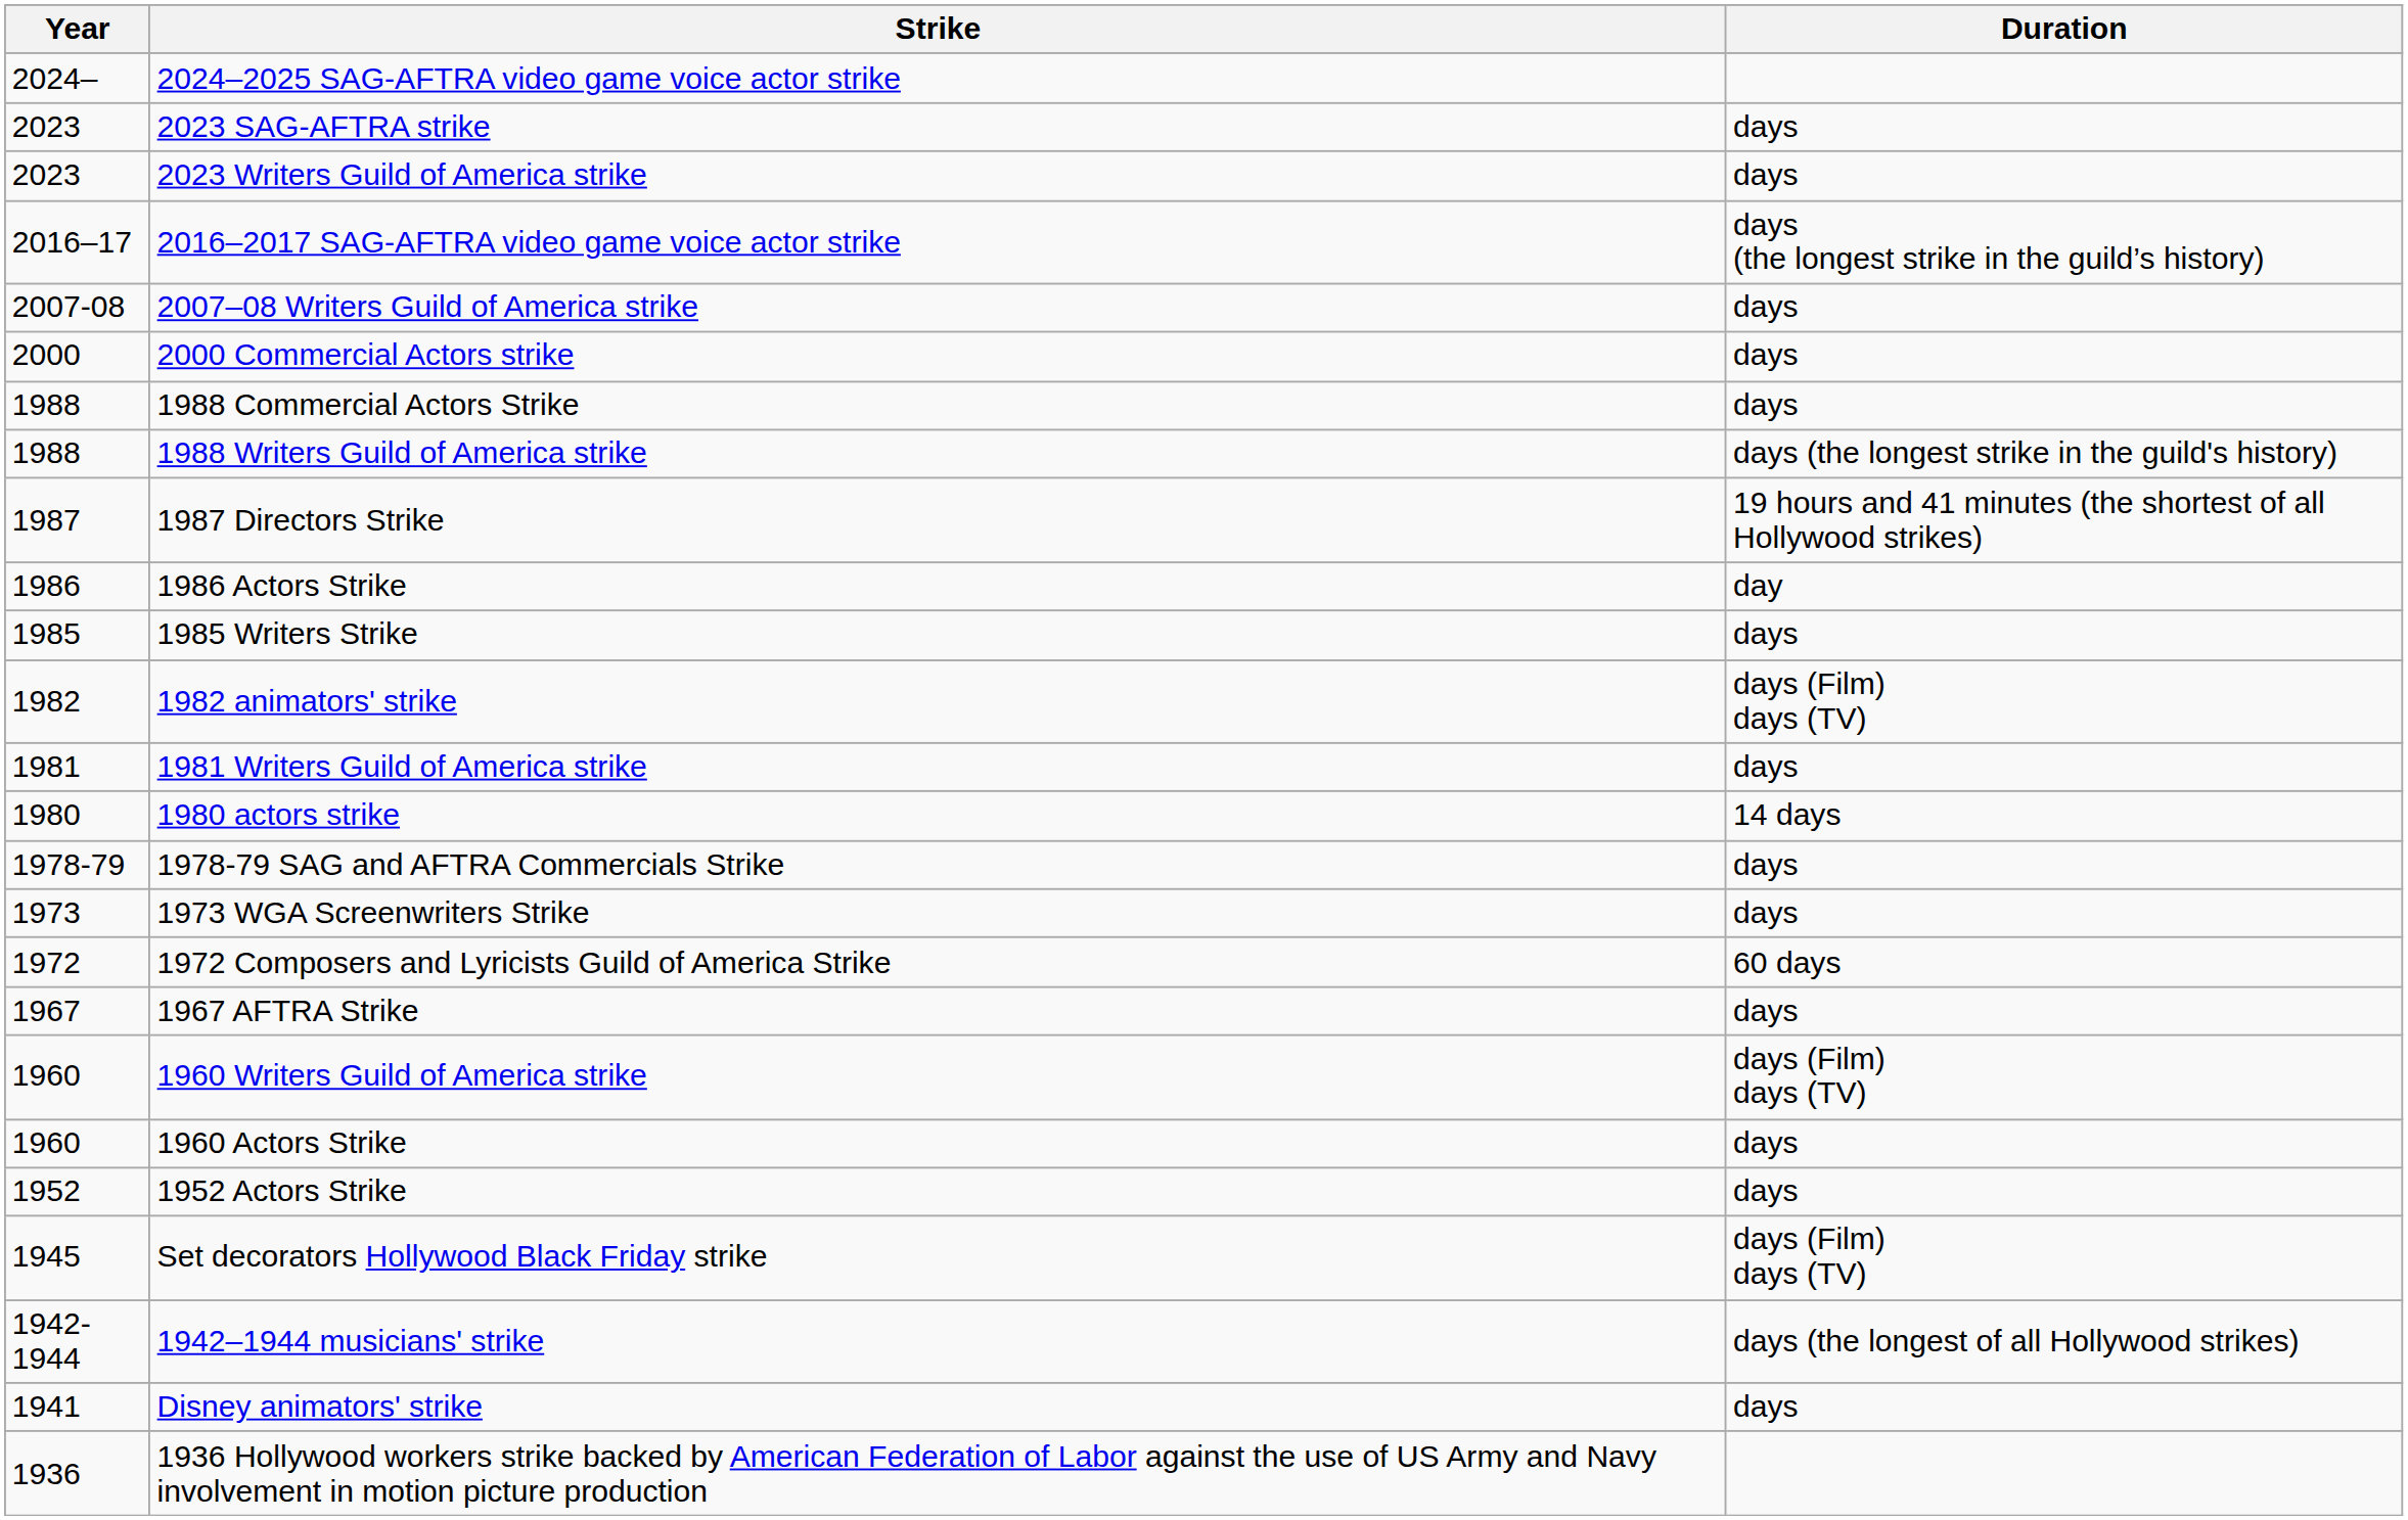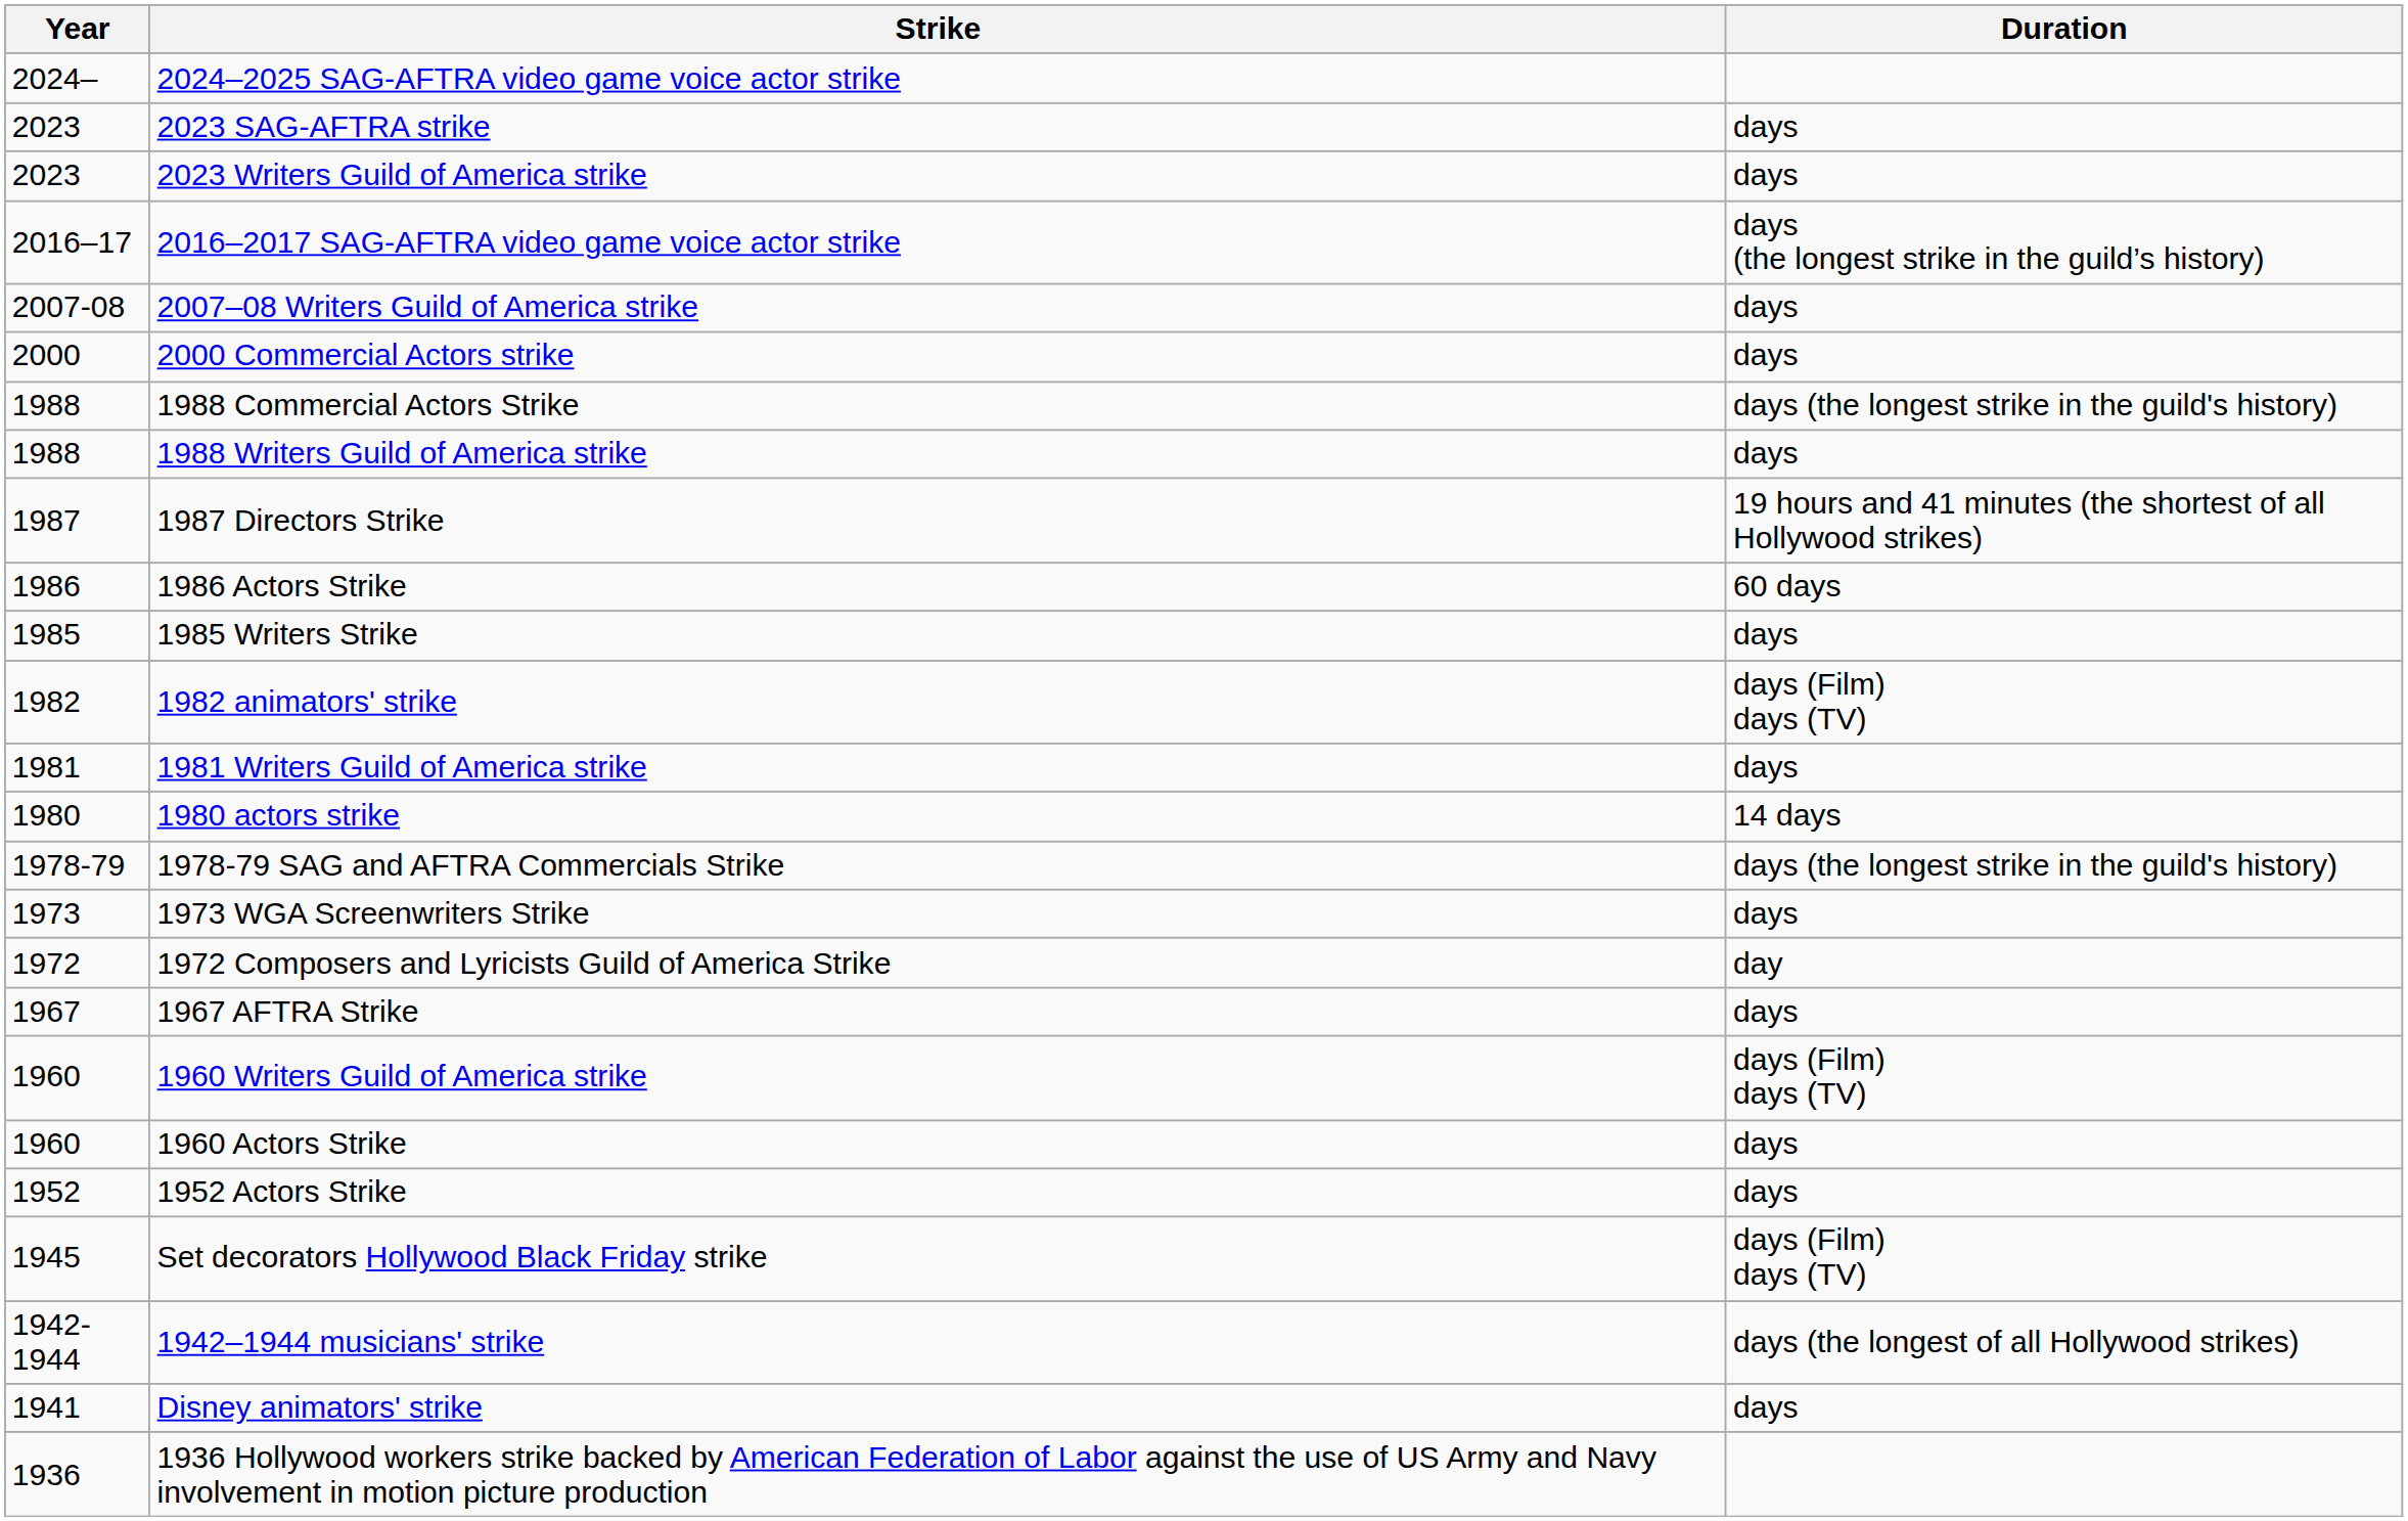 <table class="wikitable sortable">
 <tr>
 <th>Year</th>
 <th>Strike</th>
 <th>Duration</th>
 </tr>
 <tr>
 <td>2024–</td>
 <td><a href='#'>2024–2025 SAG-AFTRA video game voice actor strike</a></td>
 <td></td>
 </tr>
 <tr>
 <td>2023</td>
 <td><a href='#'>2023 SAG-AFTRA strike</a></td>
 <td> days</td>
 </tr>
 <tr>
 <td>2023</td>
 <td><a href='#'>2023 Writers Guild of America strike</a></td>
 <td> days</td>
 </tr>
 <tr>
 <td>2016–17</td>
 <td><a href='#'>2016–2017 SAG-AFTRA video game voice actor strike</a></td>
 <td> days<br>(the longest strike in the guild’s history)</td>
 </tr>
 <tr>
 <td>2007-08</td>
 <td><a href='#'>2007–08 Writers Guild of America strike</a></td>
 <td> days</td>
 </tr>
 <tr>
 <td>2000</td>
 <td><a href='#'>2000 Commercial Actors strike</a></td>
 <td> days</td>
 </tr>
 <tr>
 <td>1988</td>
 <td>1988 Commercial Actors Strike</td>
-<td> days</td>
+<td> days (the longest strike in the guild's history)</td>
 </tr>
 <tr>
 <td>1988</td>
 <td><a href='#'>1988 Writers Guild of America strike</a></td>
-<td> days (the longest strike in the guild's history)</td>
+<td> days</td>
 </tr>
 <tr>
 <td>1987</td>
 <td>1987 Directors Strike</td>
 <td>19 hours and 41 minutes (the shortest of all Hollywood strikes)</td>
 </tr>
 <tr>
 <td>1986</td>
 <td>1986 Actors Strike</td>
-<td> day</td>
+<td>60 days</td>
 </tr>
 <tr>
 <td>1985</td>
 <td>1985 Writers Strike</td>
 <td> days</td>
 </tr>
 <tr>
 <td>1982</td>
 <td><a href='#'>1982 animators' strike</a></td>
 <td> days (Film)<br> days (TV) </td>
 </tr>
 <tr>
 <td>1981</td>
 <td><a href='#'>1981 Writers Guild of America strike</a></td>
 <td> days</td>
 </tr>
 <tr>
 <td>1980</td>
 <td><a href='#'>1980 actors strike</a></td>
 <td>14 days</td>
 </tr>
 <tr>
 <td>1978-79</td>
 <td>1978-79 SAG and AFTRA Commercials Strike</td>
-<td> days</td>
+<td> days (the longest strike in the guild's history)</td>
 </tr>
 <tr>
 <td>1973</td>
 <td>1973 WGA Screenwriters Strike</td>
 <td> days</td>
 </tr>
 <tr>
 <td>1972</td>
 <td>1972 Composers and Lyricists Guild of America Strike</td>
-<td>60 days</td>
+<td> day</td>
 </tr>
 <tr>
 <td>1967</td>
 <td>1967 AFTRA Strike</td>
 <td> days</td>
 </tr>
 <tr>
 <td>1960</td>
 <td><a href='#'>1960 Writers Guild of America strike</a></td>
 <td> days (Film)<br> days (TV) </td>
 </tr>
 <tr>
 <td>1960</td>
 <td>1960 Actors Strike</td>
 <td> days</td>
 </tr>
 <tr>
 <td>1952</td>
 <td>1952 Actors Strike</td>
 <td> days</td>
 </tr>
 <tr>
 <td>1945</td>
 <td>Set decorators <a href='#'>Hollywood Black Friday</a> strike</td>
 <td> days (Film)<br> days (TV) </td>
 </tr>
 <tr>
 <td>1942-1944</td>
 <td><a href='#'>1942–1944 musicians' strike</a></td>
 <td> days (the longest of all Hollywood strikes)</td>
 </tr>
 <tr>
 <td>1941</td>
 <td><a href='#'>Disney animators' strike</a></td>
 <td> days</td>
 </tr>
 <tr>
 <td>1936</td>
 <td>1936 Hollywood workers strike backed by <a href='#'>American Federation of Labor</a> against the use of US Army and Navy involvement in motion picture production</td>
 </tr>
 </table>
